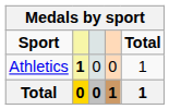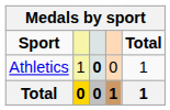 <table class="wikitable" style="font-size:85%; float:right;">
 <tr style="background:#efefef;">
 <th colspan=7><strong>Medals by sport</strong></th>
 </tr>
 <tr align=center>
 <td><strong>Sport</strong></td>
 <td style="background:#f7f6a8;"></td>
 <td style="background:#dce5e5;"></td>
 <td style="background:#ffdab9;"></td>
 <td><strong>Total</strong></td>
 </tr>
 <tr align=center>
 <td><a href='#'>Athletics</a></td>
-<td style="background:#f7f6a8;"><strong>1</strong></td>
-<td style="background:#dce5e5;">0</td>
+<td style="background:#f7f6a8;">1</td>
+<td style="background:#dce5e5;"><strong>0</strong></td>
 <td style="background:#ffdab9;">0</td>
 <td>1</td>
 </tr>
 <tr align=center>
 <th><strong>Total</strong></th>
 <th style="background:gold;"><strong>0</strong></th>
 <th style="background:silver;"><strong>0</strong></th>
 <th style="background:#c96;"><strong>1</strong></th>
 <th><strong>1</strong></th>
 </tr>
 </table>
